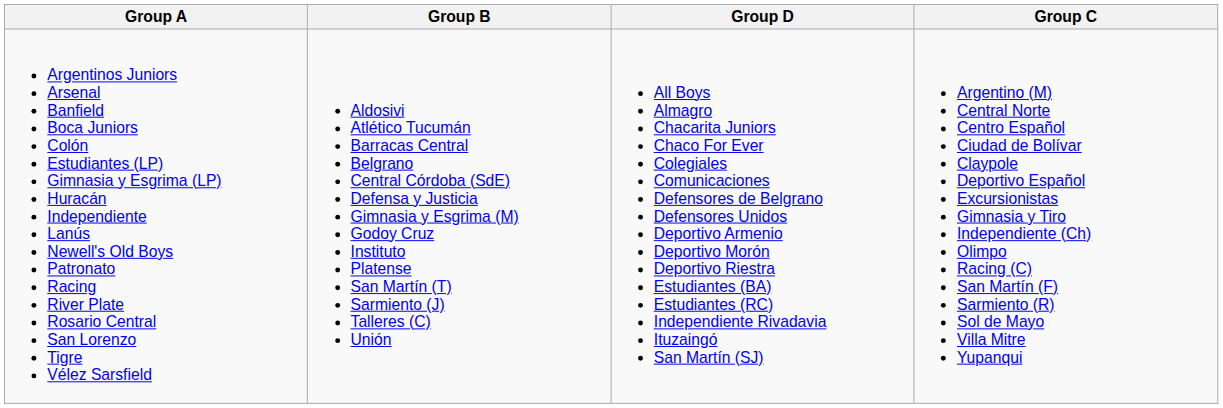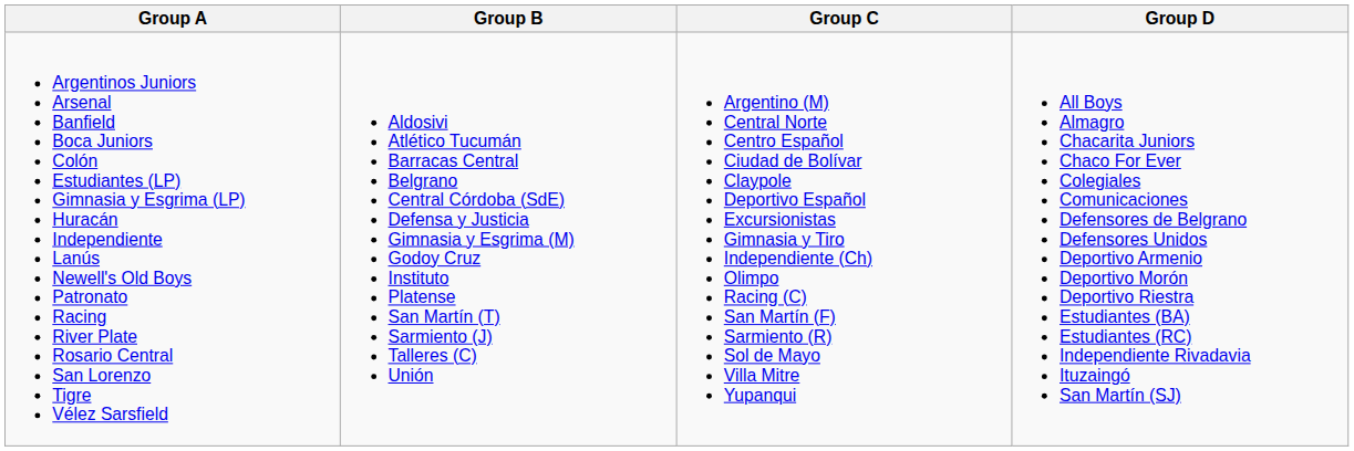 <table class="wikitable" width=98%>
 <tr>
 <th width=25%>Group A</th>
 <th width=25%>Group B</th>
+<th width=25%>Group C</th>
 <th width=25%>Group D</th>
-<th width=25%>Group C</th>
 </tr>
 <tr>
 <td><br><ul><li><a href='#'>Argentinos Juniors</a></li><li><a href='#'>Arsenal</a></li><li><a href='#'>Banfield</a></li><li><a href='#'>Boca Juniors</a></li><li><a href='#'>Colón</a></li><li><a href='#'>Estudiantes (LP)</a></li><li><a href='#'>Gimnasia y Esgrima (LP)</a></li><li><a href='#'>Huracán</a></li><li><a href='#'>Independiente</a></li><li><a href='#'>Lanús</a></li><li><a href='#'>Newell's Old Boys</a></li><li><a href='#'>Patronato</a></li><li><a href='#'>Racing</a></li><li><a href='#'>River Plate</a></li><li><a href='#'>Rosario Central</a></li><li><a href='#'>San Lorenzo</a></li><li><a href='#'>Tigre</a></li><li><a href='#'>Vélez Sarsfield</a></li></ul></td>
 <td><br><ul><li><a href='#'>Aldosivi</a></li><li><a href='#'>Atlético Tucumán</a></li><li><a href='#'>Barracas Central</a></li><li><a href='#'>Belgrano</a></li><li><a href='#'>Central Córdoba (SdE)</a></li><li><a href='#'>Defensa y Justicia</a></li><li><a href='#'>Gimnasia y Esgrima (M)</a></li><li><a href='#'>Godoy Cruz</a></li><li><a href='#'>Instituto</a></li><li><a href='#'>Platense</a></li><li><a href='#'>San Martín (T)</a></li><li><a href='#'>Sarmiento (J)</a></li><li><a href='#'>Talleres (C)</a></li><li><a href='#'>Unión</a></li></ul></td>
+<td><br><ul><li><a href='#'>Argentino (M)</a></li><li><a href='#'>Central Norte</a></li><li><a href='#'>Centro Español</a></li><li><a href='#'>Ciudad de Bolívar</a></li><li><a href='#'>Claypole</a></li><li><a href='#'>Deportivo Español</a></li><li><a href='#'>Excursionistas</a></li><li><a href='#'>Gimnasia y Tiro</a></li><li><a href='#'>Independiente (Ch)</a></li><li><a href='#'>Olimpo</a></li><li><a href='#'>Racing (C)</a></li><li><a href='#'>San Martín (F)</a></li><li><a href='#'>Sarmiento (R)</a></li><li><a href='#'>Sol de Mayo</a></li><li><a href='#'>Villa Mitre</a></li><li><a href='#'>Yupanqui</a></li></ul></td>
 <td><br><ul><li><a href='#'>All Boys</a></li><li><a href='#'>Almagro</a></li><li><a href='#'>Chacarita Juniors</a></li><li><a href='#'>Chaco For Ever</a></li><li><a href='#'>Colegiales</a></li><li><a href='#'>Comunicaciones</a></li><li><a href='#'>Defensores de Belgrano</a></li><li><a href='#'>Defensores Unidos</a> </li><li><a href='#'>Deportivo Armenio</a></li><li><a href='#'>Deportivo Morón</a></li><li><a href='#'>Deportivo Riestra</a></li><li><a href='#'>Estudiantes (BA)</a></li><li><a href='#'>Estudiantes (RC)</a></li><li><a href='#'>Independiente Rivadavia</a></li><li><a href='#'>Ituzaingó</a></li><li><a href='#'>San Martín (SJ)</a></li></ul></td>
-<td><br><ul><li><a href='#'>Argentino (M)</a></li><li><a href='#'>Central Norte</a></li><li><a href='#'>Centro Español</a></li><li><a href='#'>Ciudad de Bolívar</a></li><li><a href='#'>Claypole</a></li><li><a href='#'>Deportivo Español</a></li><li><a href='#'>Excursionistas</a></li><li><a href='#'>Gimnasia y Tiro</a></li><li><a href='#'>Independiente (Ch)</a></li><li><a href='#'>Olimpo</a></li><li><a href='#'>Racing (C)</a></li><li><a href='#'>San Martín (F)</a></li><li><a href='#'>Sarmiento (R)</a></li><li><a href='#'>Sol de Mayo</a></li><li><a href='#'>Villa Mitre</a></li><li><a href='#'>Yupanqui</a></li></ul></td>
 </tr>
 </table>
